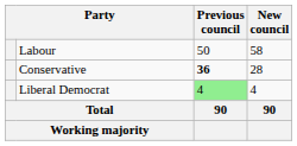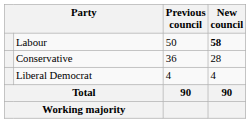 <table class="wikitable">
 <tr>
 <th valign=top colspan="2" style="width: 230px">Party</th>
 <th valign=top style="width: 30px">Previous council</th>
 <th valign=top style="width: 30px">New council</th>
 </tr>
 <tr>
 <th style="background-color: "></th>
 <td>Labour</td>
 <td>50</td>
-<td>58</td>
+<td><strong>58</strong></td>
 </tr>
 <tr>
 <th style="background-color: "></th>
 <td>Conservative</td>
-<td><strong>36</strong></td>
+<td>36</td>
 <td>28</td>
 </tr>
 <tr>
 <th style="background-color: "></th>
 <td>Liberal Democrat</td>
-<td style="background: lightgreen;">4</td>
+<td>4</td>
 <td>4</td>
 </tr>
 <tr>
 <th colspan=2>Total</th>
 <th style="text-align: center">90</th>
 <th colspan=3>90</th>
 </tr>
 <tr>
 <th colspan=2>Working majority</th>
 <th></th>
 <th></th>
 </tr>
 </table>
